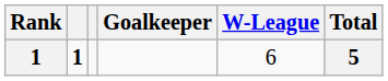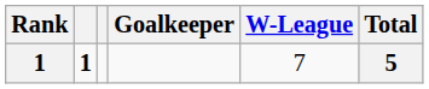 <table class="wikitable" style="text-align:center">
 <tr>
 <th>Rank</th>
 <th></th>
 <th></th>
 <th>Goalkeeper</th>
 <th><a href='#'>W-League</a></th>
 <th>Total</th>
 </tr>
 <tr>
 <th>1</th>
 <td><strong>1</strong></td>
 <td></td>
 <td align="left"></td>
-<td>6</td>
+<td>7</td>
 <th>5</th>
 </tr>
 </table>
